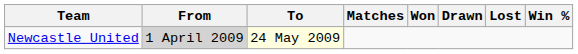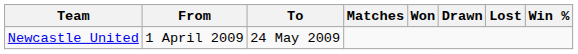 <table class="wikitable" style="text-align: center">
 <tr>
 <th>Team</th>
 <th>From</th>
 <th>To</th>
 <th>Matches</th>
 <th>Won</th>
 <th>Drawn</th>
 <th>Lost</th>
 <th>Win %</th>
 </tr>
 <tr>
 <td align=left><a href='#'>Newcastle United</a></td>
-<td align=left style="background: lightgrey;">1 April 2009</td>
-<td align=left style="background: lightyellow;">24 May 2009<br></td>
+<td align=left>1 April 2009</td>
+<td align=left>24 May 2009<br></td>
 </tr>
 </table>
